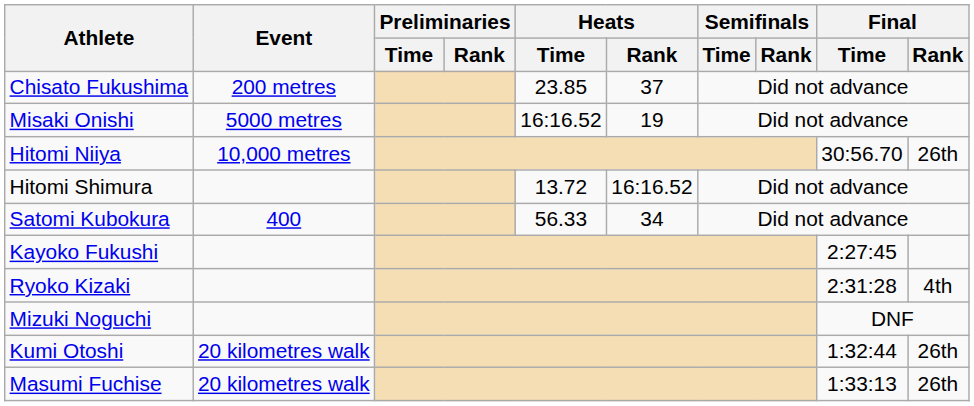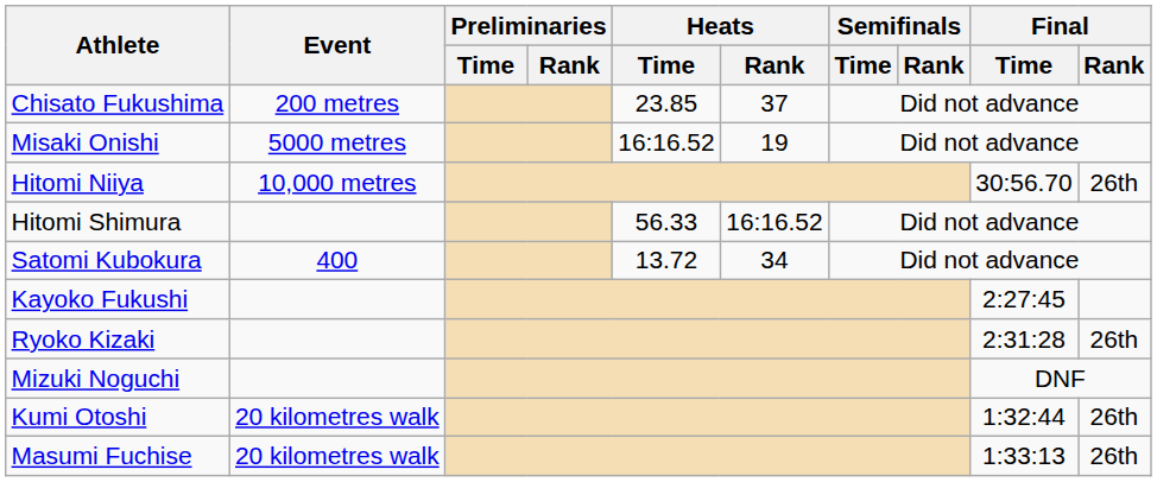 <table class=wikitable style="font-size:90%;">
 <tr>
 <th rowspan="2">Athlete</th>
 <th rowspan="2">Event</th>
 <th colspan="2">Preliminaries</th>
 <th colspan="2">Heats</th>
 <th colspan="2">Semifinals</th>
 <th colspan="2">Final</th>
 </tr>
 <tr>
 <th>Time</th>
 <th>Rank</th>
 <th>Time</th>
 <th>Rank</th>
 <th>Time</th>
 <th>Rank</th>
 <th>Time</th>
 <th>Rank</th>
 </tr>
 <tr>
 <td><a href='#'>Chisato Fukushima</a></td>
 <td align="center"><a href='#'>200 metres</a></td>
 <td colspan= 2 style="background:wheat;"></td>
 <td align="center">23.85</td>
 <td align="center">37</td>
 <td align=center  colspan= 4>Did not advance</td>
 </tr>
 <tr>
 <td><a href='#'>Misaki Onishi</a></td>
 <td align="center"><a href='#'>5000 metres</a></td>
 <td colspan= 2 style="background:wheat;"></td>
 <td align="center">16:16.52</td>
 <td align="center">19</td>
 <td align=center  colspan= 4>Did not advance</td>
 </tr>
 <tr>
 <td><a href='#'>Hitomi Niiya</a></td>
 <td align="center"><a href='#'>10,000 metres</a></td>
 <td colspan= 6 style="background:wheat;"></td>
 <td align="center">30:56.70</td>
 <td align="center">26th</td>
 </tr>
 <tr>
 <td>Hitomi Shimura</td>
 <td align="center"></td>
 <td colspan= 2 style="background:wheat;"></td>
-<td align="center">13.72</td>
+<td align="center">56.33</td>
 <td align="center">16:16.52</td>
 <td align=center  colspan= 4>Did not advance</td>
 </tr>
 <tr>
 <td><a href='#'>Satomi Kubokura</a></td>
 <td align="center"><a href='#'>400</a></td>
 <td colspan= 2 style="background:wheat;"></td>
-<td align="center">56.33</td>
+<td align="center">13.72</td>
 <td align="center">34</td>
 <td align=center  colspan= 4>Did not advance</td>
 </tr>
 <tr>
 <td><a href='#'>Kayoko Fukushi</a></td>
 <td align="center"></td>
 <td colspan= 6 style="background:wheat;"></td>
 <td align="center">2:27:45</td>
 <td align="center"></td>
 </tr>
 <tr>
 <td><a href='#'>Ryoko Kizaki</a></td>
 <td align="center"></td>
 <td colspan= 6 style="background:wheat;"></td>
 <td align="center">2:31:28</td>
-<td align="center">4th</td>
+<td align="center">26th</td>
 </tr>
 <tr>
 <td><a href='#'>Mizuki Noguchi</a></td>
 <td align="center"></td>
 <td colspan= 6 style="background:wheat;"></td>
 <td align=center  colspan= 2>DNF</td>
 </tr>
 <tr>
 <td><a href='#'>Kumi Otoshi</a></td>
 <td align="center"><a href='#'>20 kilometres walk</a></td>
 <td colspan= 6 style="background:wheat;"></td>
 <td align="center">1:32:44</td>
 <td align="center">26th</td>
 </tr>
 <tr>
 <td><a href='#'>Masumi Fuchise</a></td>
 <td align="center"><a href='#'>20 kilometres walk</a></td>
 <td colspan= 6 style="background:wheat;"></td>
 <td align="center">1:33:13</td>
 <td align="center">26th</td>
 </tr>
 </table>
